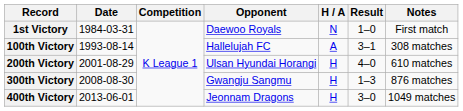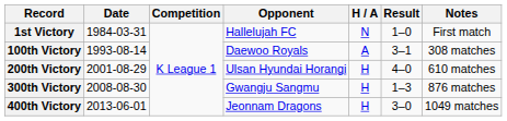 <table class="wikitable" style="text-align:center">
 <tr>
 <th>Record</th>
 <th>Date</th>
 <th>Competition</th>
 <th>Opponent</th>
 <th>H / A</th>
 <th>Result</th>
 <th>Notes</th>
 </tr>
 <tr>
 <th>1st Victory</th>
 <td>1984-03-31</td>
 <td rowspan="5"><a href='#'>K League 1</a></td>
-<td align=left> <a href='#'>Daewoo Royals</a></td>
+<td align=left> <a href='#'>Hallelujah FC</a></td>
 <td><a href='#'>N</a></td>
 <td>1–0</td>
 <td>First match</td>
 </tr>
 <tr>
 <th>100th Victory</th>
 <td>1993-08-14</td>
-<td align=left> <a href='#'>Hallelujah FC</a></td>
+<td align=left> <a href='#'>Daewoo Royals</a></td>
 <td><a href='#'>A</a></td>
 <td>3–1</td>
 <td>308 matches</td>
 </tr>
 <tr>
 <th>200th Victory</th>
 <td>2001-08-29</td>
 <td align=left> <a href='#'>Ulsan Hyundai Horangi</a></td>
 <td><a href='#'>H</a></td>
 <td>4–0</td>
 <td>610 matches</td>
 </tr>
 <tr>
 <th>300th Victory</th>
 <td>2008-08-30</td>
 <td align=left> <a href='#'>Gwangju Sangmu</a></td>
 <td><a href='#'>H</a></td>
 <td>1–3</td>
 <td>876 matches</td>
 </tr>
 <tr>
 <th>400th Victory</th>
 <td>2013-06-01</td>
 <td align=left> <a href='#'>Jeonnam Dragons</a></td>
 <td><a href='#'>H</a></td>
 <td>3–0</td>
 <td>1049 matches</td>
 </tr>
 </table>
